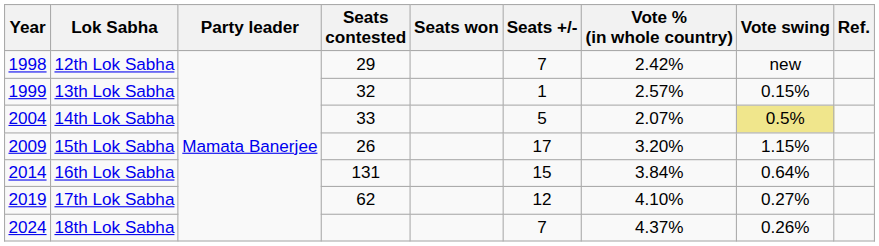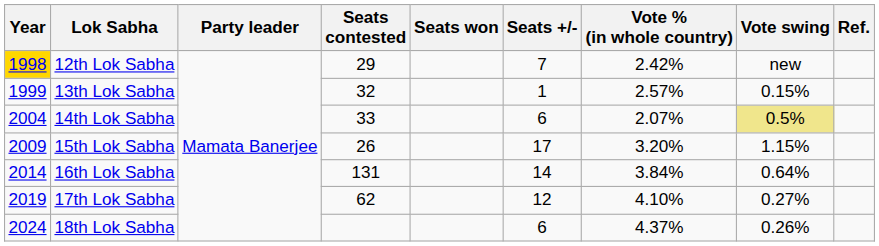 <table class="wikitable sortable">
 <tr>
 <th Style="background-color:">Year</th>
 <th Style="background-color:">Lok Sabha</th>
 <th Style="background-color:">Party leader</th>
 <th Style="background-color:">Seats<br>contested</th>
 <th Style="background-color:">Seats won</th>
 <th Style="background-color:">Seats +/-</th>
 <th Style="background-color:">Vote %<br>(in whole country)</th>
 <th Style="background-color:">Vote swing</th>
 <th Style="background-color:">Ref.</th>
 </tr>
 <tr style="text-align:center;">
-<td><a href='#'>1998</a></td>
+<td style="background: gold;"><a href='#'>1998</a></td>
 <td><a href='#'>12th Lok Sabha</a></td>
 <td rowspan="7"><a href='#'>Mamata Banerjee</a></td>
 <td>29</td>
 <td></td>
 <td> 7</td>
 <td>2.42%</td>
 <td> new</td>
 <td></td>
 </tr>
 <tr style="text-align:center;">
 <td><a href='#'>1999</a></td>
 <td><a href='#'>13th Lok Sabha</a></td>
 <td>32</td>
 <td></td>
 <td> 1</td>
 <td>2.57%</td>
 <td> 0.15%</td>
 <td></td>
 </tr>
 <tr style="text-align:center;">
 <td><a href='#'>2004</a></td>
 <td><a href='#'>14th Lok Sabha</a></td>
 <td>33</td>
 <td></td>
-<td> 5</td>
+<td> 6</td>
 <td>2.07%</td>
 <td style="background: khaki;"> 0.5%</td>
 <td></td>
 </tr>
 <tr style="text-align:center;">
 <td><a href='#'>2009</a></td>
 <td><a href='#'>15th Lok Sabha</a></td>
 <td>26</td>
 <td></td>
 <td> 17</td>
 <td>3.20%</td>
 <td> 1.15%</td>
 <td></td>
 </tr>
 <tr style="text-align:center;">
 <td><a href='#'>2014</a></td>
 <td><a href='#'>16th Lok Sabha</a></td>
 <td>131</td>
 <td></td>
-<td> 15</td>
+<td> 14</td>
 <td>3.84%</td>
 <td> 0.64%</td>
 <td></td>
 </tr>
 <tr style="text-align:center;">
 <td><a href='#'>2019</a></td>
 <td><a href='#'>17th Lok Sabha</a></td>
 <td>62</td>
 <td></td>
 <td> 12</td>
 <td>4.10%</td>
 <td> 0.27%</td>
 <td></td>
 </tr>
 <tr style="text-align:center;">
 <td><a href='#'>2024</a></td>
 <td><a href='#'>18th Lok Sabha</a></td>
 <td></td>
 <td></td>
-<td> 7</td>
+<td> 6</td>
 <td>4.37%</td>
 <td> 0.26%</td>
 <td></td>
 </tr>
 </table>
